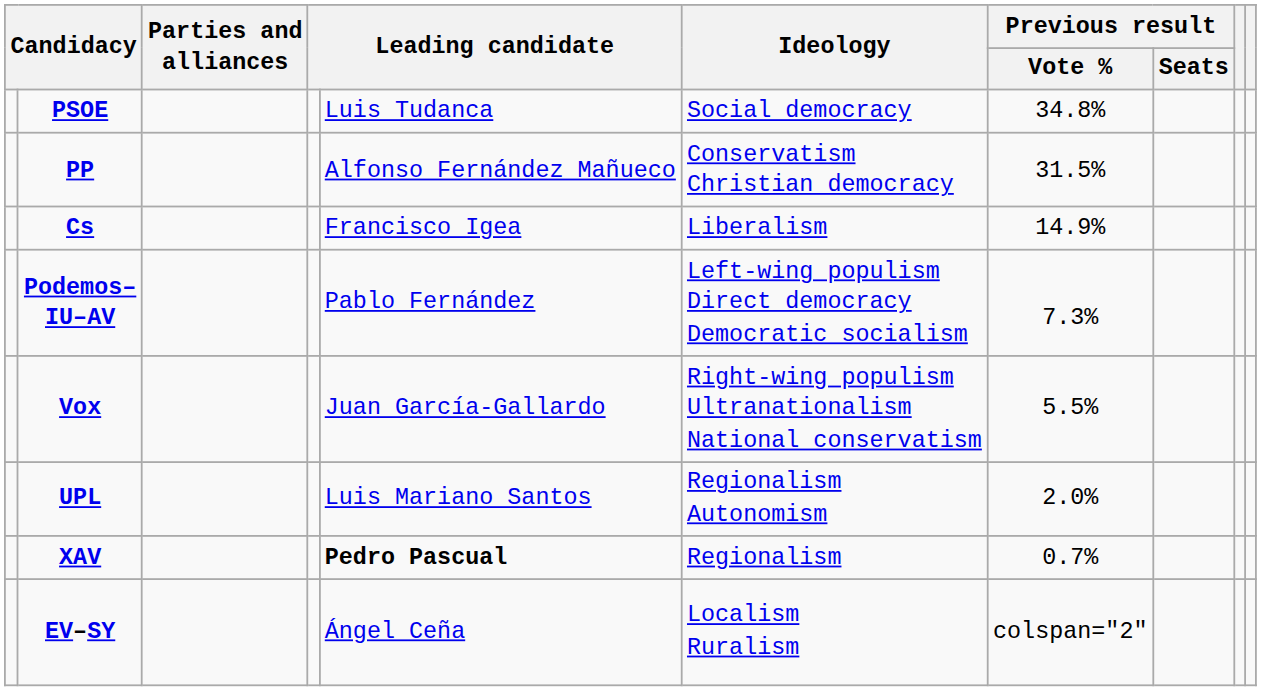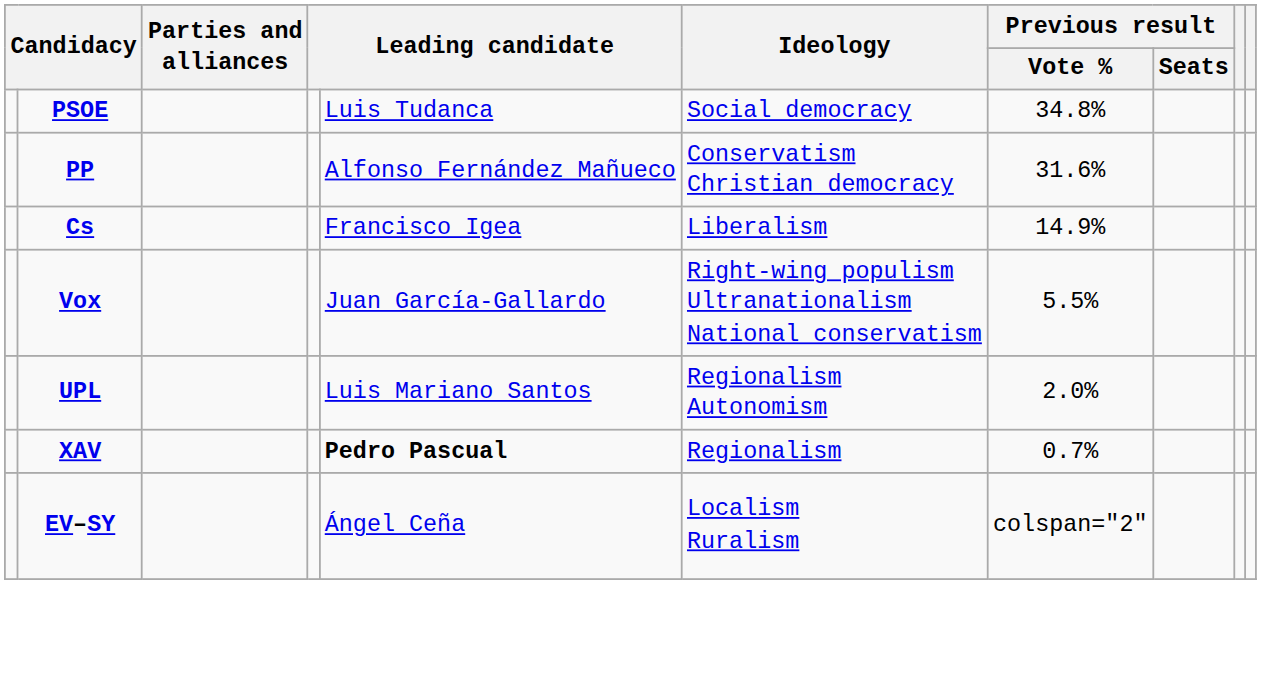 <table class="wikitable" style="line-height:1.35em; text-align:left;">
 <tr>
 <th colspan="2" rowspan="2">Candidacy</th>
 <th rowspan="2">Parties and<br>alliances</th>
 <th colspan="2" rowspan="2">Leading candidate</th>
 <th rowspan="2">Ideology</th>
 <th colspan="2">Previous result</th>
 <th rowspan="2"></th>
 <th rowspan="2"></th>
 </tr>
 <tr>
 <th>Vote %</th>
 <th>Seats</th>
 </tr>
 <tr>
 <td width="1" style="color:inherit;background:"></td>
 <td align="center"><strong><a href='#'>PSOE</a></strong></td>
 <td></td>
 <td></td>
 <td><a href='#'>Luis Tudanca</a></td>
 <td><a href='#'>Social democracy</a></td>
 <td align="center">34.8%</td>
 <td></td>
 <td></td>
 <td></td>
 </tr>
 <tr>
 <td style="color:inherit;background:"></td>
 <td align="center"><strong><a href='#'>PP</a></strong></td>
 <td></td>
 <td></td>
 <td><a href='#'>Alfonso Fernández Mañueco</a></td>
 <td><a href='#'>Conservatism</a><br><a href='#'>Christian democracy</a></td>
-<td align="center">31.5%</td>
+<td align="center">31.6%</td>
 <td></td>
 <td></td>
 <td></td>
 </tr>
 <tr>
 <td style="color:inherit;background:"></td>
 <td align="center"><strong><a href='#'>Cs</a></strong></td>
 <td></td>
 <td></td>
 <td><a href='#'>Francisco Igea</a></td>
 <td><a href='#'>Liberalism</a></td>
 <td align="center">14.9%</td>
 <td></td>
 <td></td>
 <td></td>
-</tr>
-<tr>
-<td style="color:inherit;background:"></td>
-<td align="center"><strong><a href='#'>Podemos–<br>IU–AV</a></strong></td>
-<td></td>
-<td></td>
-<td><a href='#'>Pablo Fernández</a></td>
-<td><a href='#'>Left-wing populism</a><br><a href='#'>Direct democracy</a><br><a href='#'>Democratic socialism</a></td>
-<td align="center"><br>7.3%<br></td>
-<td></td>
-<td></td>
-<td><br></td>
 </tr>
 <tr>
 <td style="color:inherit;background:"></td>
 <td align="center"><strong><a href='#'>Vox</a></strong></td>
 <td></td>
 <td></td>
 <td><a href='#'>Juan García-Gallardo</a></td>
 <td><a href='#'>Right-wing populism</a><br><a href='#'>Ultranationalism</a><br><a href='#'>National conservatism</a></td>
 <td align="center">5.5%</td>
 <td></td>
 <td></td>
 <td></td>
 </tr>
 <tr>
 <td style="color:inherit;background:"></td>
 <td align="center"><strong><a href='#'>UPL</a></strong></td>
 <td></td>
 <td></td>
 <td><a href='#'>Luis Mariano Santos</a></td>
 <td><a href='#'>Regionalism</a><br><a href='#'>Autonomism</a></td>
 <td align="center">2.0%</td>
 <td></td>
 <td></td>
 <td></td>
 </tr>
 <tr>
 <td style="color:inherit;background:"></td>
 <td align="center"><strong><a href='#'>XAV</a></strong></td>
 <td></td>
 <td></td>
 <td><strong>Pedro Pascual</strong></td>
 <td><a href='#'>Regionalism</a></td>
 <td align="center">0.7%</td>
 <td></td>
 <td></td>
 <td></td>
 </tr>
 <tr>
 <td style="color:inherit;background:"></td>
 <td align="center"><strong><a href='#'>EV</a>–<a href='#'>SY</a></strong></td>
 <td></td>
 <td></td>
 <td><a href='#'>Ángel Ceña</a></td>
 <td><a href='#'>Localism</a><br><a href='#'>Ruralism</a></td>
 <td>colspan="2" </td>
 <td></td>
 <td><br><br><br></td>
 </tr>
 </table>
